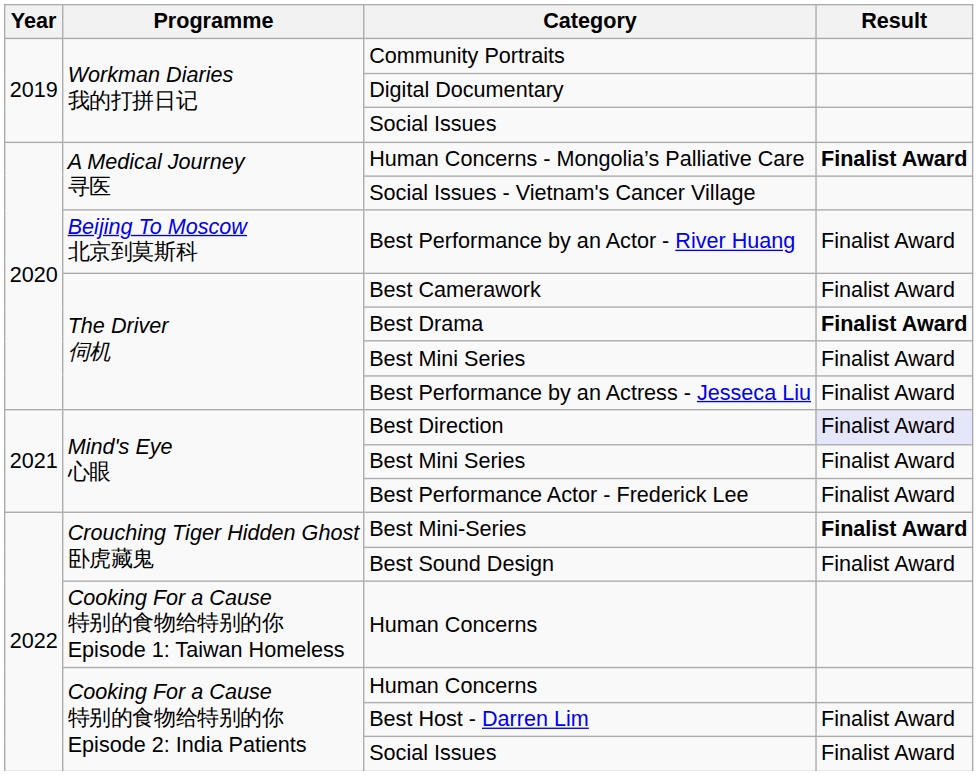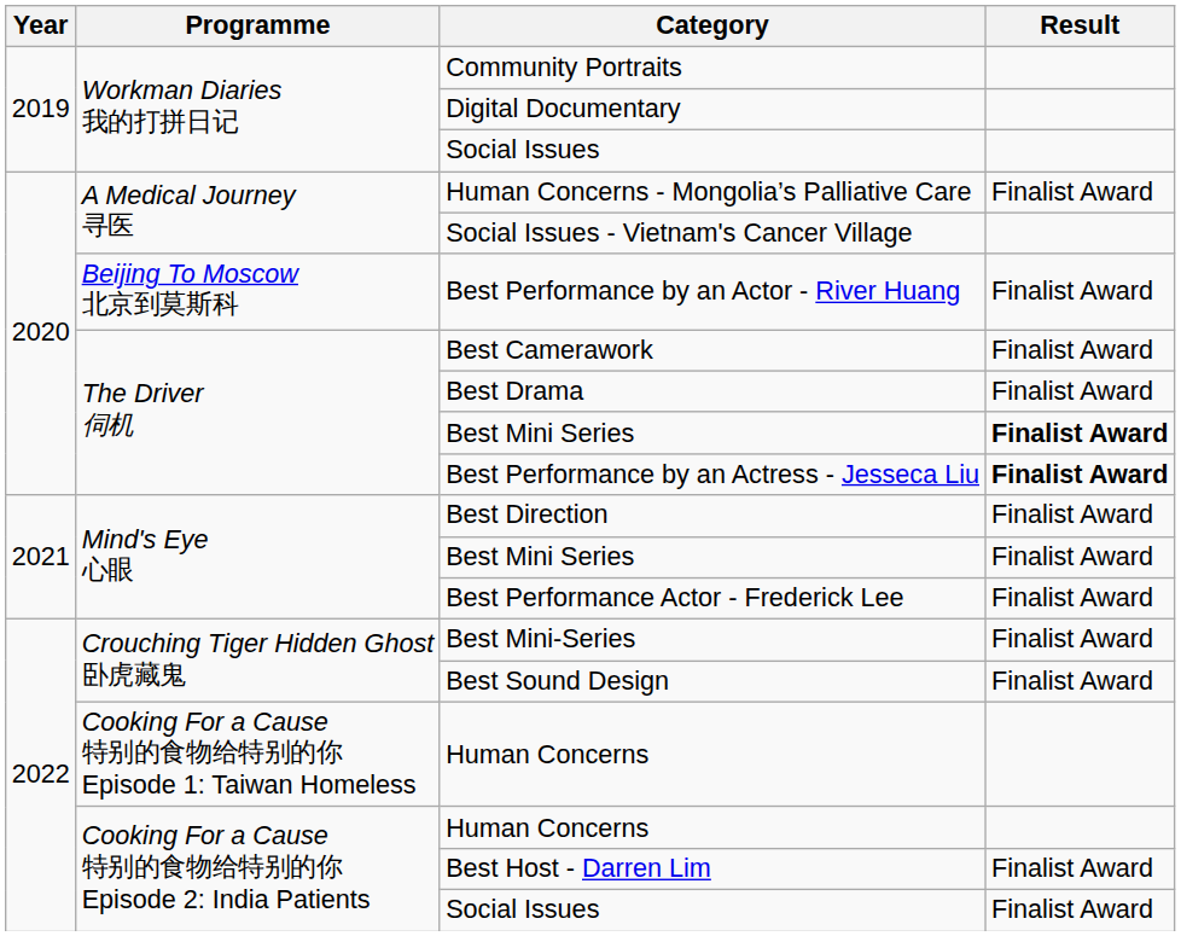 <table class="wikitable sortable">
 <tr>
 <th>Year</th>
 <th>Programme</th>
 <th>Category</th>
 <th>Result</th>
 </tr>
 <tr>
 <td rowspan="3">2019</td>
 <td rowspan="3"><em>Workman Diaries</em> <br> 我的打拼日记</td>
 <td>Community Portraits</td>
 <td></td>
 </tr>
 <tr>
 <td>Digital Documentary</td>
 <td></td>
 </tr>
 <tr>
 <td>Social Issues</td>
 <td></td>
 </tr>
 <tr>
 <td rowspan="7">2020</td>
 <td rowspan="2"><em>A Medical Journey</em> <br> 寻医</td>
 <td>Human Concerns - Mongolia’s Palliative Care</td>
-<td><strong>Finalist Award</strong></td>
+<td>Finalist Award</td>
 </tr>
 <tr>
 <td>Social Issues - Vietnam's Cancer Village</td>
 <td></td>
 </tr>
 <tr>
 <td><em><a href='#'>Beijing To Moscow</a></em> <br> 北京到莫斯科</td>
 <td>Best Performance by an Actor - <a href='#'>River Huang</a></td>
 <td>Finalist Award</td>
 </tr>
 <tr>
 <td rowspan="4"><em>The Driver <br> 伺机</em></td>
 <td>Best Camerawork</td>
 <td>Finalist Award</td>
 </tr>
 <tr>
 <td>Best Drama</td>
+<td>Finalist Award</td>
+</tr>
+<tr>
+<td>Best Mini Series</td>
 <td><strong>Finalist Award</strong></td>
 </tr>
 <tr>
-<td>Best Mini Series</td>
-<td>Finalist Award</td>
-</tr>
-<tr>
 <td>Best Performance by an Actress - <a href='#'>Jesseca Liu</a></td>
-<td>Finalist Award</td>
+<td><strong>Finalist Award</strong></td>
 </tr>
 <tr>
 <td rowspan="3">2021</td>
 <td rowspan="3"><em>Mind's Eye</em> <br> 心眼</td>
 <td>Best Direction</td>
-<td style="background: lavender;">Finalist Award</td>
+<td>Finalist Award</td>
 </tr>
 <tr>
 <td>Best Mini Series</td>
 <td>Finalist Award</td>
 </tr>
 <tr>
 <td>Best Performance Actor - Frederick Lee</td>
 <td>Finalist Award</td>
 </tr>
 <tr>
 <td rowspan="6">2022</td>
 <td rowspan="2"><em>Crouching Tiger Hidden Ghost</em> <br> 卧虎藏鬼</td>
 <td>Best Mini-Series</td>
-<td><strong>Finalist Award</strong></td>
+<td>Finalist Award</td>
 </tr>
 <tr>
 <td>Best Sound Design</td>
 <td>Finalist Award</td>
 </tr>
 <tr>
 <td><em>Cooking For a Cause</em> <br> 特别的食物给特别的你<br>Episode 1: Taiwan Homeless</td>
 <td>Human Concerns</td>
 <td></td>
 </tr>
 <tr>
 <td rowspan="3"><em>Cooking For a Cause</em> <br> 特别的食物给特别的你<br>Episode 2: India Patients</td>
 <td>Human Concerns</td>
 <td></td>
 </tr>
 <tr>
 <td>Best Host - <a href='#'>Darren Lim</a></td>
 <td>Finalist Award</td>
 </tr>
 <tr>
 <td>Social Issues</td>
 <td>Finalist Award</td>
 </tr>
 </table>
